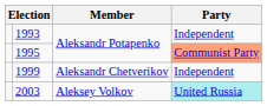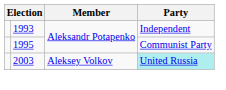 <table class="wikitable">
 <tr>
 <th colspan="2">Election</th>
 <th>Member</th>
 <th>Party</th>
 </tr>
 <tr>
 <td style="background-color:"></td>
 <td><a href='#'>1993</a></td>
 <td rowspan=2><a href='#'>Aleksandr Potapenko</a></td>
 <td><a href='#'>Independent</a></td>
 </tr>
 <tr>
 <td style="background-color:"></td>
 <td><a href='#'>1995</a></td>
-<td style="background: lightsalmon;"><a href='#'>Communist Party</a></td>
-</tr>
-<tr>
-<td style="background-color:"></td>
-<td><a href='#'>1999</a></td>
-<td><a href='#'>Aleksandr Chetverikov</a></td>
-<td><a href='#'>Independent</a></td>
+<td><a href='#'>Communist Party</a></td>
 </tr>
 <tr>
 <td style="background-color:"></td>
 <td><a href='#'>2003</a></td>
 <td><a href='#'>Aleksey Volkov</a></td>
 <td style="background: paleturquoise;"><a href='#'>United Russia</a></td>
 </tr>
 </table>
